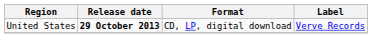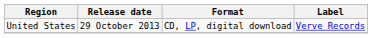 <table class="wikitable">
 <tr>
 <th>Region</th>
 <th>Release date</th>
 <th>Format</th>
 <th>Label</th>
 </tr>
 <tr>
 <td>United States</td>
-<td><strong>29 October 2013</strong></td>
+<td>29 October 2013</td>
 <td>CD, <a href='#'>LP</a>, digital download</td>
 <td><a href='#'>Verve Records</a></td>
 </tr>
 <tr>
 </tr>
 </table>
